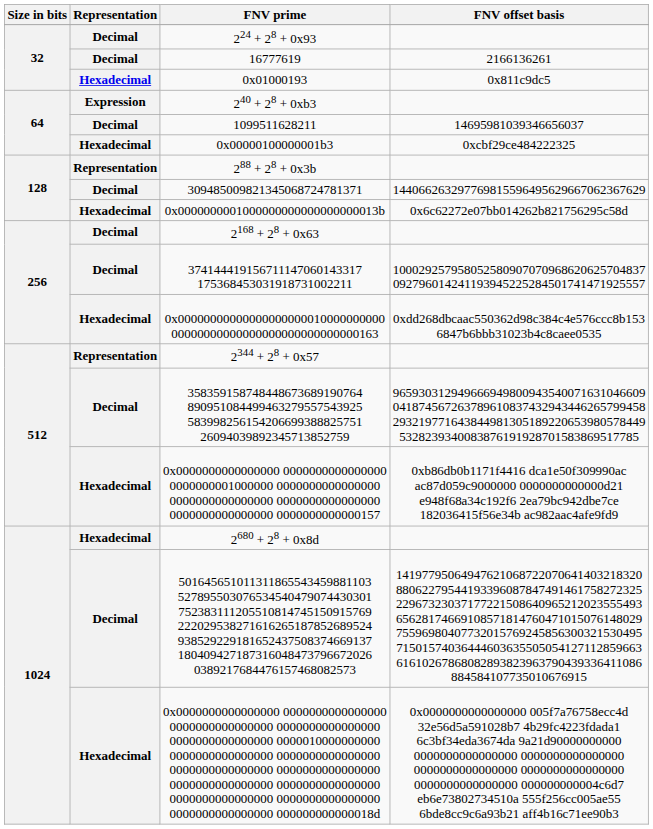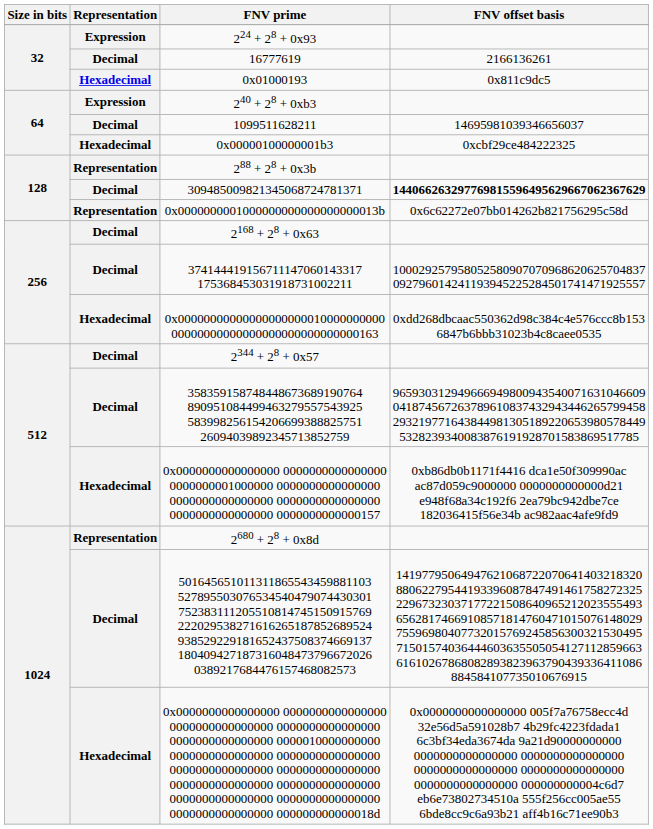 <table border="1" class="wikitable" style="text-align: center;" align="center">
 <tr>
 <th>Size in bits<br></th>
 <th>Representation</th>
 <th><strong>FNV prime</strong></th>
 <th><strong>FNV offset basis</strong></th>
 </tr>
 <tr>
 </tr>
 <tr>
 <th rowspan="3">32</th>
-<th>Decimal</th>
+<th>Expression</th>
 <td>2<sup>24</sup> + 2<sup>8</sup> + 0x93</td>
 <td></td>
 </tr>
 <tr>
 <th>Decimal</th>
 <td>16777619</td>
 <td>2166136261</td>
 </tr>
 <tr>
 <th><a href='#'>Hexadecimal</a></th>
 <td>0x01000193</td>
 <td>0x811c9dc5</td>
 </tr>
 <tr>
 <th rowspan="3">64</th>
 <th>Expression</th>
 <td>2<sup>40</sup> + 2<sup>8</sup> + 0xb3</td>
 <td></td>
 </tr>
 <tr>
 <th>Decimal</th>
 <td>1099511628211</td>
 <td>14695981039346656037</td>
 </tr>
 <tr>
 <th>Hexadecimal</th>
 <td>0x00000100000001b3</td>
 <td>0xcbf29ce484222325</td>
 </tr>
 <tr>
 <th rowspan="3">128</th>
 <th>Representation</th>
 <td>2<sup>88</sup> + 2<sup>8</sup> + 0x3b</td>
 <td></td>
 </tr>
 <tr>
 <th>Decimal</th>
 <td>309485009821345068724781371</td>
-<td>144066263297769815596495629667062367629</td>
+<td><strong>144066263297769815596495629667062367629</strong></td>
 </tr>
 <tr>
-<th>Hexadecimal</th>
+<th>Representation</th>
 <td>0x0000000001000000000000000000013b</td>
 <td>0x6c62272e07bb014262b821756295c58d</td>
 </tr>
 <tr>
 <th rowspan="3">256</th>
 <th>Decimal</th>
 <td>2<sup>168</sup> + 2<sup>8</sup> + 0x63</td>
 <td></td>
 </tr>
 <tr>
 <th>Decimal</th>
 <td><br>374144419156711147060143317<br> 175368453031918731002211</td>
 <td><br>100029257958052580907070968620625704837<br> 092796014241193945225284501741471925557</td>
 </tr>
 <tr>
 <th>Hexadecimal</th>
 <td><br>0x00000000000000000000010000000000<br> 00000000000000000000000000000163</td>
 <td><br>0xdd268dbcaac550362d98c384c4e576ccc8b153<br> 6847b6bbb31023b4c8caee0535</td>
 </tr>
 <tr>
 <th rowspan="3">512</th>
-<th>Representation</th>
+<th>Decimal</th>
 <td>2<sup>344</sup> + 2<sup>8</sup> + 0x57</td>
 <td></td>
 </tr>
 <tr>
 <th>Decimal</th>
 <td><br>358359158748448673689190764<br> 890951084499463279557543925<br> 583998256154206699388825751<br> 26094039892345713852759</td>
 <td><br>965930312949666949800943540071631046609<br> 041874567263789610837432943446265799458<br> 293219771643844981305189220653980578449<br> 5328239340083876191928701583869517785</td>
 </tr>
 <tr>
 <th>Hexadecimal</th>
 <td><br>0x0000000000000000 0000000000000000<br> 0000000001000000 0000000000000000<br> 0000000000000000 0000000000000000<br> 0000000000000000 0000000000000157</td>
 <td><br>0xb86db0b1171f4416 dca1e50f309990ac<br> ac87d059c9000000 0000000000000d21<br> e948f68a34c192f6 2ea79bc942dbe7ce<br> 182036415f56e34b ac982aac4afe9fd9</td>
 </tr>
 <tr>
 <th rowspan="3">1024</th>
-<th>Hexadecimal</th>
+<th>Representation</th>
 <td>2<sup>680</sup> + 2<sup>8</sup> + 0x8d</td>
 <td></td>
 </tr>
 <tr>
 <th>Decimal</th>
 <td><br>501645651011311865543459881103<br> 527895503076534540479074430301<br> 752383111205510814745150915769<br> 222029538271616265187852689524<br> 938529229181652437508374669137<br> 180409427187316048473796672026<br> 0389217684476157468082573</td>
 <td><br>14197795064947621068722070641403218320<br> 88062279544193396087847491461758272325<br> 22967323037177221508640965212023555493<br> 65628174669108571814760471015076148029<br> 75596980407732015769245856300321530495<br> 71501574036444603635505054127112859663<br> 61610267868082893823963790439336411086<br> 884584107735010676915</td>
 </tr>
 <tr>
 <th>Hexadecimal</th>
 <td><br>0x0000000000000000 0000000000000000<br> 0000000000000000 0000000000000000<br> 0000000000000000 0000010000000000<br> 0000000000000000 0000000000000000<br> 0000000000000000 0000000000000000<br> 0000000000000000 0000000000000000<br> 0000000000000000 0000000000000000<br> 0000000000000000 000000000000018d</td>
 <td><br>0x0000000000000000 005f7a76758ecc4d<br> 32e56d5a591028b7 4b29fc4223fdada1<br> 6c3bf34eda3674da 9a21d90000000000<br> 0000000000000000 0000000000000000<br> 0000000000000000 0000000000000000<br> 0000000000000000 000000000004c6d7<br> eb6e73802734510a 555f256cc005ae55<br> 6bde8cc9c6a93b21 aff4b16c71ee90b3</td>
 </tr>
 </table>
